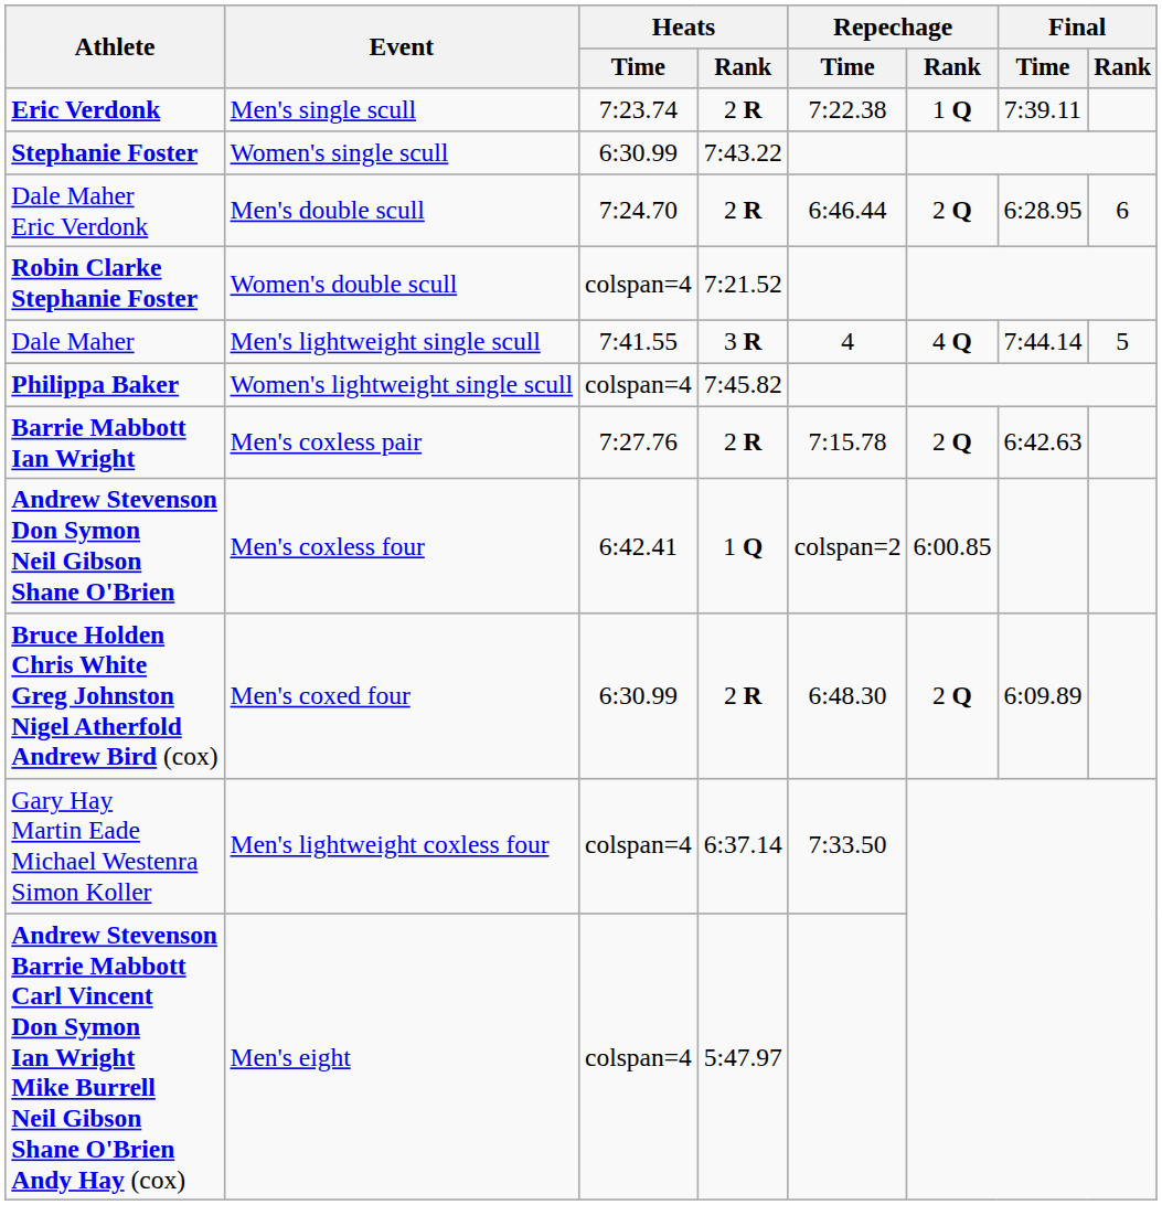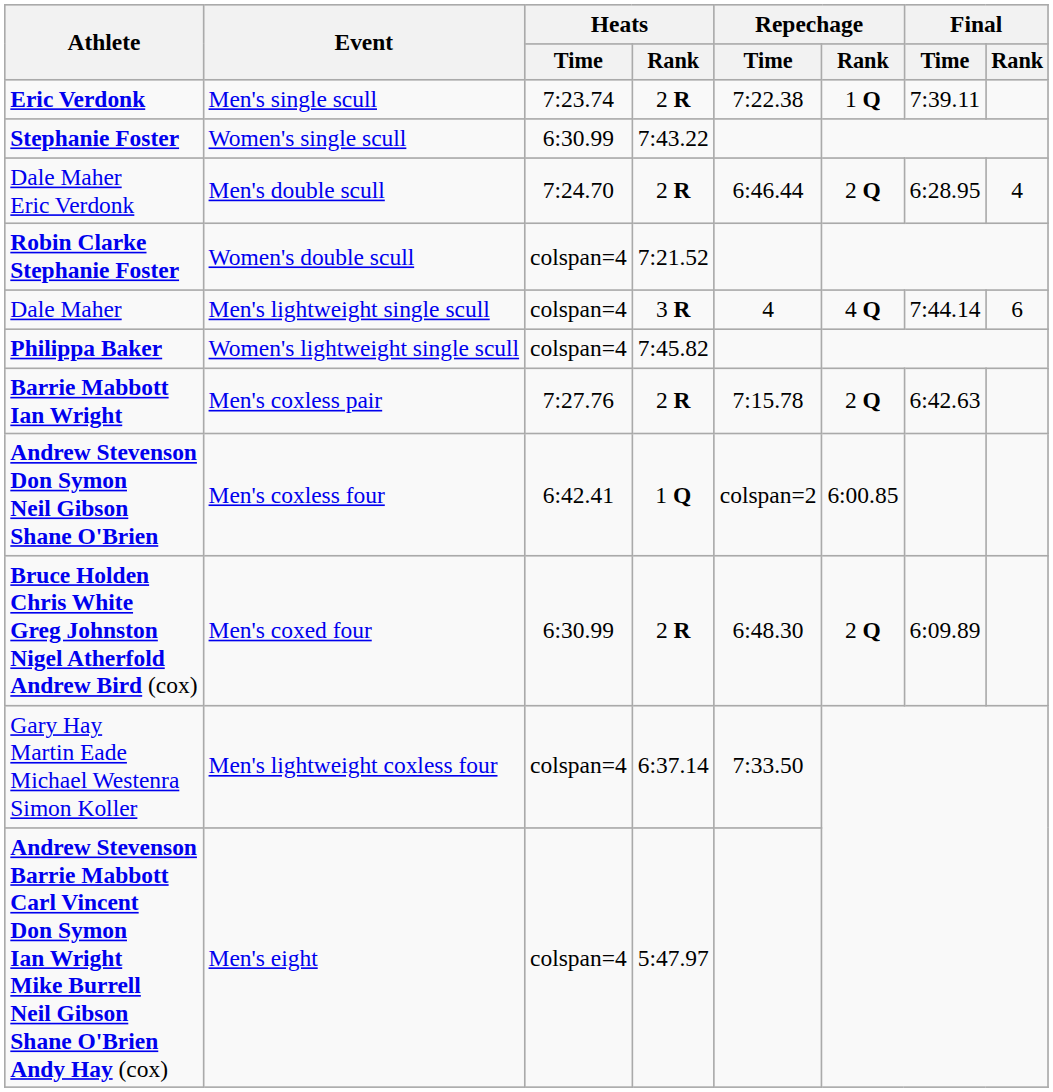 <table class="wikitable" style="font-size:90%">
 <tr>
 <th rowspan="2">Athlete</th>
 <th rowspan="2">Event</th>
 <th colspan="2">Heats</th>
 <th colspan="2">Repechage</th>
 <th colspan="2">Final</th>
 </tr>
 <tr style="font-size:95%">
 <th>Time</th>
 <th>Rank</th>
 <th>Time</th>
 <th>Rank</th>
 <th>Time</th>
 <th>Rank</th>
 </tr>
 <tr align=center>
 <td align=left><strong><a href='#'>Eric Verdonk</a></strong></td>
 <td align=left><a href='#'>Men's single scull</a></td>
 <td>7:23.74</td>
 <td>2 <strong>R</strong></td>
 <td>7:22.38</td>
 <td>1 <strong>Q</strong></td>
 <td>7:39.11</td>
 <td></td>
 </tr>
 <tr align=center>
 <td align=left><strong><a href='#'>Stephanie Foster</a></strong></td>
 <td align=left><a href='#'>Women's single scull</a></td>
 <td>6:30.99</td>
 <td>7:43.22 </td>
 <td></td>
 </tr>
 <tr align=center>
 <td align=left><a href='#'>Dale Maher</a><br><a href='#'>Eric Verdonk</a></td>
 <td align=left><a href='#'>Men's double scull</a></td>
 <td>7:24.70</td>
 <td>2 <strong>R</strong></td>
 <td>6:46.44</td>
 <td>2 <strong>Q</strong></td>
 <td>6:28.95</td>
-<td>6</td>
+<td>4</td>
 </tr>
 <tr align=center>
 <td align=left><strong><a href='#'>Robin Clarke</a><br><a href='#'>Stephanie Foster</a></strong></td>
 <td align=left><a href='#'>Women's double scull</a></td>
 <td>colspan=4 </td>
 <td>7:21.52</td>
 <td></td>
 </tr>
 <tr align=center>
 <td align=left><a href='#'>Dale Maher</a></td>
 <td align=left><a href='#'>Men's lightweight single scull</a></td>
-<td>7:41.55</td>
+<td>colspan=4 </td>
 <td>3 <strong>R</strong></td>
 <td>4</td>
 <td>4 <strong>Q</strong></td>
 <td>7:44.14</td>
-<td>5</td>
+<td>6</td>
 </tr>
 <tr align=center>
 <td align=left><strong><a href='#'>Philippa Baker</a></strong></td>
 <td align=left><a href='#'>Women's lightweight single scull</a></td>
 <td>colspan=4 </td>
 <td>7:45.82</td>
 <td></td>
 </tr>
 <tr align=center>
 <td align=left><strong><a href='#'>Barrie Mabbott</a><br><a href='#'>Ian Wright</a></strong></td>
 <td align=left><a href='#'>Men's coxless pair</a></td>
 <td>7:27.76</td>
 <td>2 <strong>R</strong></td>
 <td>7:15.78</td>
 <td>2 <strong>Q</strong></td>
 <td>6:42.63</td>
 <td></td>
 </tr>
 <tr align=center>
 <td align=left><strong><a href='#'>Andrew Stevenson</a><br><a href='#'>Don Symon</a><br><a href='#'>Neil Gibson</a><br><a href='#'>Shane O'Brien</a></strong></td>
 <td align=left><a href='#'>Men's coxless four</a></td>
 <td>6:42.41</td>
 <td>1 <strong>Q</strong></td>
 <td>colspan=2 </td>
 <td>6:00.85</td>
 <td></td>
 </tr>
 <tr align=center>
 <td align=left><strong><a href='#'>Bruce Holden</a><br><a href='#'>Chris White</a><br><a href='#'>Greg Johnston</a><br><a href='#'>Nigel Atherfold</a><br><a href='#'>Andrew Bird</a></strong> (cox)</td>
 <td align=left><a href='#'>Men's coxed four</a></td>
 <td>6:30.99</td>
 <td>2 <strong>R</strong></td>
 <td>6:48.30</td>
 <td>2 <strong>Q</strong></td>
 <td>6:09.89</td>
 <td></td>
 </tr>
 <tr align=center>
 <td align=left><a href='#'>Gary Hay</a><br><a href='#'>Martin Eade</a><br><a href='#'>Michael Westenra</a><br><a href='#'>Simon Koller</a></td>
 <td align=left><a href='#'>Men's lightweight coxless four</a></td>
 <td>colspan=4 </td>
 <td>6:37.14</td>
 <td>7:33.50</td>
 </tr>
 <tr align=center>
 <td align=left><strong><a href='#'>Andrew Stevenson</a><br><a href='#'>Barrie Mabbott</a><br><a href='#'>Carl Vincent</a><br><a href='#'>Don Symon</a><br><a href='#'>Ian Wright</a><br><a href='#'>Mike Burrell</a><br><a href='#'>Neil Gibson</a><br><a href='#'>Shane O'Brien</a><br><a href='#'>Andy Hay</a></strong> (cox)</td>
 <td align=left><a href='#'>Men's eight</a></td>
 <td>colspan=4 </td>
 <td>5:47.97</td>
 <td></td>
 </tr>
 </table>
